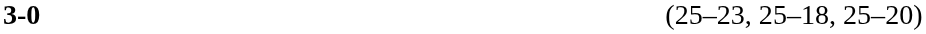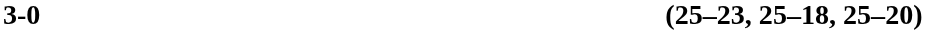 <table width=100% cellspacing=1>
 <tr>
 <th width=20%></th>
 <th width=12%></th>
 <th width=20%></th>
 <th width=33%></th>
 <td></td>
 </tr>
 <tr style=font-size:90%>
 <td align=right></td>
 <td align=center><strong>3-0</strong></td>
 <td></td>
-<td>(25–23, 25–18, 25–20)</td>
+<td><strong>(25–23, 25–18, 25–20)</strong></td>
 </tr>
 </table>
